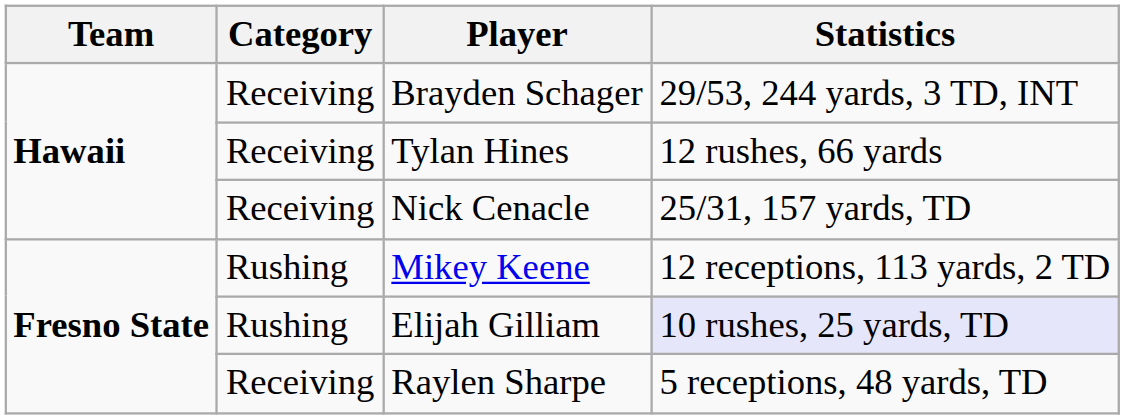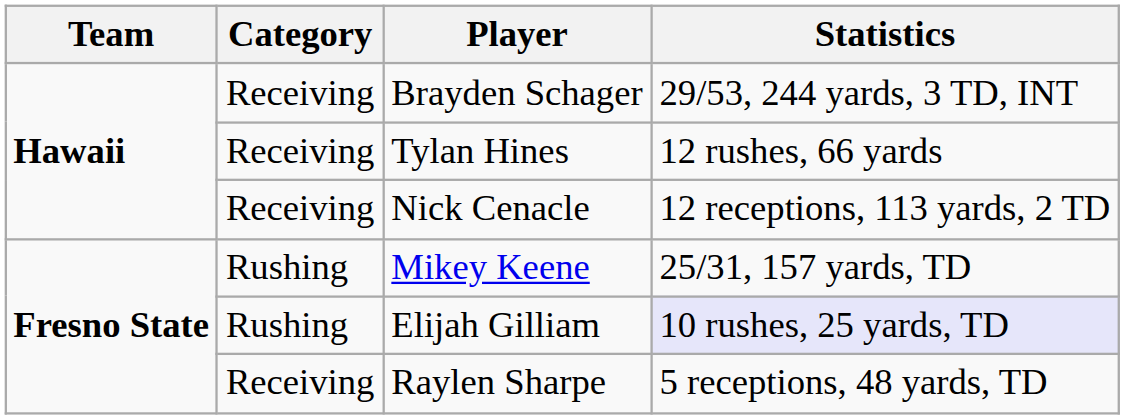 <table class="wikitable" style="float: right;">
 <tr>
 <th>Team</th>
 <th>Category</th>
 <th>Player</th>
 <th>Statistics</th>
 </tr>
 <tr>
 <td rowspan=3><strong>Hawaii</strong></td>
 <td>Receiving</td>
 <td>Brayden Schager</td>
 <td>29/53, 244 yards, 3 TD, INT</td>
 </tr>
 <tr>
 <td>Receiving</td>
 <td>Tylan Hines</td>
 <td>12 rushes, 66 yards</td>
 </tr>
 <tr>
 <td>Receiving</td>
 <td>Nick Cenacle</td>
-<td>25/31, 157 yards, TD</td>
+<td>12 receptions, 113 yards, 2 TD</td>
 </tr>
 <tr>
 <td rowspan=3><strong>Fresno State</strong></td>
 <td>Rushing</td>
 <td><a href='#'>Mikey Keene</a></td>
-<td>12 receptions, 113 yards, 2 TD</td>
+<td>25/31, 157 yards, TD</td>
 </tr>
 <tr>
 <td>Rushing</td>
 <td>Elijah Gilliam</td>
 <td style="background: lavender;">10 rushes, 25 yards, TD</td>
 </tr>
 <tr>
 <td>Receiving</td>
 <td>Raylen Sharpe</td>
 <td>5 receptions, 48 yards, TD</td>
 </tr>
 </table>
